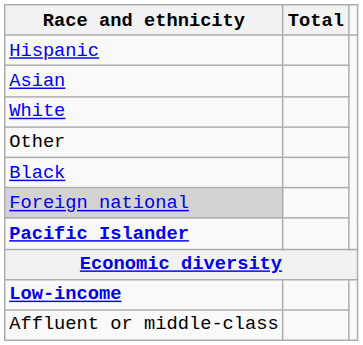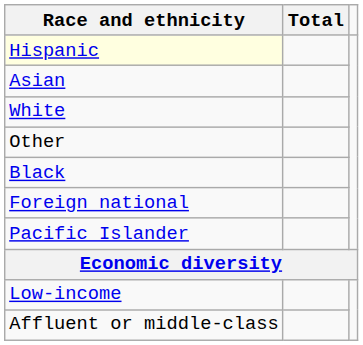 <table class="wikitable floatright sortable collapsible"; text-align:right; font-size:80%;">
 <tr>
 <th>Race and ethnicity</th>
 <th data-sort-type="number">Total</th>
 <td></td>
 </tr>
 <tr>
-<td><a href='#'>Hispanic</a></td>
+<td style="background: lightyellow;"><a href='#'>Hispanic</a></td>
 <td align=right></td>
 </tr>
 <tr>
 <td><a href='#'>Asian</a></td>
 <td align=right></td>
 </tr>
 <tr>
 <td><a href='#'>White</a></td>
 <td align=right></td>
 </tr>
 <tr>
 <td>Other</td>
 <td align=right></td>
 </tr>
 <tr>
 <td><a href='#'>Black</a></td>
 <td align=right></td>
 </tr>
 <tr>
-<td style="background: lightgrey;"><a href='#'>Foreign national</a></td>
+<td><a href='#'>Foreign national</a></td>
 <td align=right></td>
 </tr>
 <tr>
-<td><strong><a href='#'>Pacific Islander</a></strong></td>
+<td><a href='#'>Pacific Islander</a></td>
 <td align=right></td>
 </tr>
 <tr>
 <th colspan="3" data-sort-type="number"><a href='#'>Economic diversity</a></th>
 </tr>
 <tr>
-<td><strong><a href='#'>Low-income</a></strong></td>
+<td><a href='#'>Low-income</a></td>
 <td align=right></td>
 </tr>
 <tr>
 <td>Affluent or middle-class</td>
 <td align=right></td>
 </tr>
 </table>
